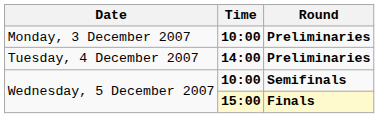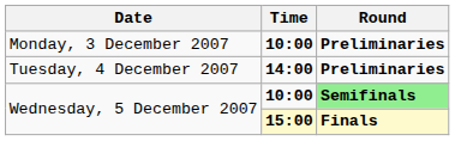 <table class="wikitable">
 <tr>
 <th>Date</th>
 <th>Time</th>
 <th>Round</th>
 </tr>
 <tr>
 <td>Monday, 3 December 2007</td>
 <td><strong>10:00</strong></td>
 <td><strong>Preliminaries</strong></td>
 </tr>
 <tr>
 <td>Tuesday, 4 December 2007</td>
 <td><strong>14:00</strong></td>
 <td><strong>Preliminaries</strong></td>
 </tr>
 <tr>
 <td rowspan="2">Wednesday, 5 December 2007</td>
 <td><strong>10:00</strong></td>
-<td><strong>Semifinals</strong></td>
+<td style="background: lightgreen;"><strong>Semifinals</strong></td>
 </tr>
 <tr style="background:lemonchiffon;">
 <td><strong>15:00</strong></td>
 <td><strong>Finals</strong></td>
 </tr>
 </table>
